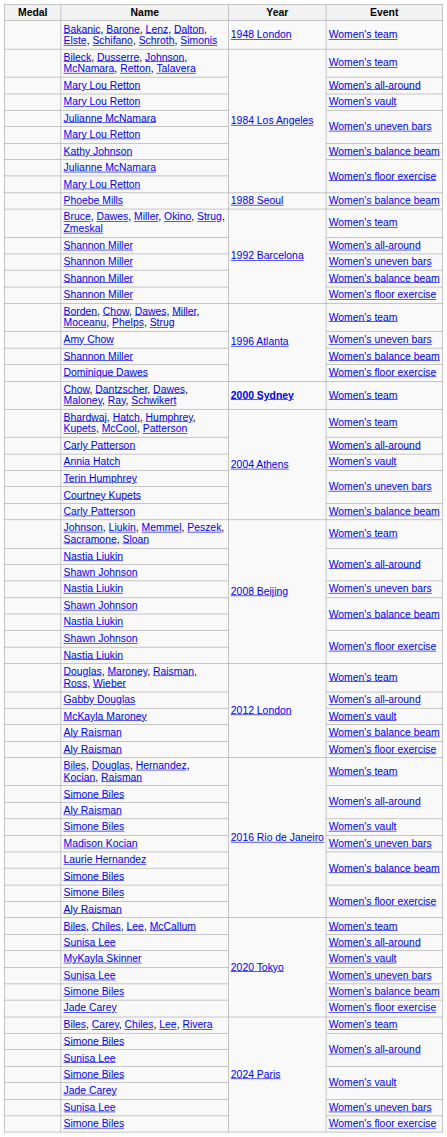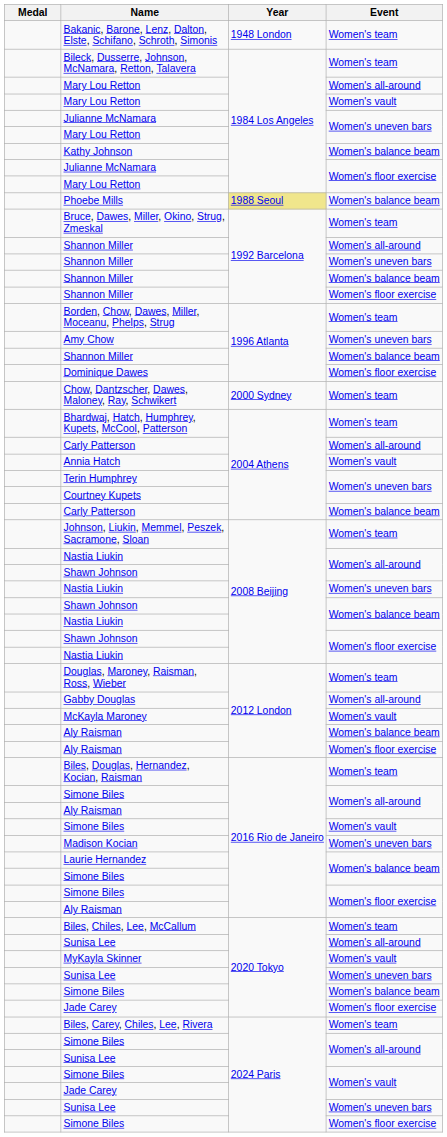 <table class="wikitable sortable">
 <tr>
 <th style="width:5em;">Medal</th>
 <th width=250>Name</th>
 <th>Year</th>
 <th>Event</th>
 </tr>
 <tr>
 <td></td>
 <td><a href='#'>Bakanic</a>, <a href='#'>Barone</a>, <a href='#'>Lenz</a>, <a href='#'>Dalton</a>, <a href='#'>Elste</a>, <a href='#'>Schifano</a>, <a href='#'>Schroth</a>, <a href='#'>Simonis</a></td>
 <td> <a href='#'>1948 London</a></td>
 <td><a href='#'>Women's team</a></td>
 </tr>
 <tr>
 <td></td>
 <td><a href='#'>Bileck</a>, <a href='#'>Dusserre</a>, <a href='#'>Johnson</a>, <a href='#'>McNamara</a>, <a href='#'>Retton</a>, <a href='#'>Talavera</a></td>
 <td rowspan="8"> <a href='#'>1984 Los Angeles</a></td>
 <td><a href='#'>Women's team</a></td>
 </tr>
 <tr>
 <td></td>
 <td><a href='#'>Mary Lou Retton</a></td>
 <td><a href='#'>Women's all-around</a></td>
 </tr>
 <tr>
 <td></td>
 <td><a href='#'>Mary Lou Retton</a></td>
 <td><a href='#'>Women's vault</a></td>
 </tr>
 <tr>
 <td></td>
 <td><a href='#'>Julianne McNamara</a></td>
 <td rowspan="2"><a href='#'>Women's uneven bars</a></td>
 </tr>
 <tr>
 <td></td>
 <td><a href='#'>Mary Lou Retton</a></td>
 </tr>
 <tr>
 <td></td>
 <td><a href='#'>Kathy Johnson</a></td>
 <td><a href='#'>Women's balance beam</a></td>
 </tr>
 <tr>
 <td></td>
 <td><a href='#'>Julianne McNamara</a></td>
 <td rowspan="2"><a href='#'>Women's floor exercise</a></td>
 </tr>
 <tr>
 <td></td>
 <td><a href='#'>Mary Lou Retton</a></td>
 </tr>
 <tr>
 <td></td>
 <td><a href='#'>Phoebe Mills</a></td>
-<td> <a href='#'>1988 Seoul</a></td>
+<td style="background: khaki;"> <a href='#'>1988 Seoul</a></td>
 <td><a href='#'>Women's balance beam</a></td>
 </tr>
 <tr>
 <td></td>
 <td><a href='#'>Bruce</a>, <a href='#'>Dawes</a>, <a href='#'>Miller</a>, <a href='#'>Okino</a>, <a href='#'>Strug</a>, <a href='#'>Zmeskal</a></td>
 <td rowspan="5"> <a href='#'>1992 Barcelona</a></td>
 <td><a href='#'>Women's team</a></td>
 </tr>
 <tr>
 <td></td>
 <td><a href='#'>Shannon Miller</a></td>
 <td><a href='#'>Women's all-around</a></td>
 </tr>
 <tr>
 <td></td>
 <td><a href='#'>Shannon Miller</a></td>
 <td><a href='#'>Women's uneven bars</a></td>
 </tr>
 <tr>
 <td></td>
 <td><a href='#'>Shannon Miller</a></td>
 <td><a href='#'>Women's balance beam</a></td>
 </tr>
 <tr>
 <td></td>
 <td><a href='#'>Shannon Miller</a></td>
 <td><a href='#'>Women's floor exercise</a></td>
 </tr>
 <tr>
 <td></td>
 <td><a href='#'>Borden</a>, <a href='#'>Chow</a>, <a href='#'>Dawes</a>, <a href='#'>Miller</a>, <a href='#'>Moceanu</a>, <a href='#'>Phelps</a>, <a href='#'>Strug</a></td>
 <td rowspan="4"> <a href='#'>1996 Atlanta</a></td>
 <td><a href='#'>Women's team</a></td>
 </tr>
 <tr>
 <td></td>
 <td><a href='#'>Amy Chow</a></td>
 <td><a href='#'>Women's uneven bars</a></td>
 </tr>
 <tr>
 <td></td>
 <td><a href='#'>Shannon Miller</a></td>
 <td><a href='#'>Women's balance beam</a></td>
 </tr>
 <tr>
 <td></td>
 <td><a href='#'>Dominique Dawes</a></td>
 <td><a href='#'>Women's floor exercise</a></td>
 </tr>
 <tr>
 <td></td>
 <td><a href='#'>Chow</a>, <a href='#'>Dantzscher</a>, <a href='#'>Dawes</a>, <a href='#'>Maloney</a>, <a href='#'>Ray</a>, <a href='#'>Schwikert</a></td>
-<td><strong> <a href='#'>2000 Sydney</a></strong></td>
+<td> <a href='#'>2000 Sydney</a></td>
 <td><a href='#'>Women's team</a></td>
 </tr>
 <tr>
 <td></td>
 <td><a href='#'>Bhardwaj</a>, <a href='#'>Hatch</a>, <a href='#'>Humphrey</a>, <a href='#'>Kupets</a>, <a href='#'>McCool</a>, <a href='#'>Patterson</a></td>
 <td rowspan="6"> <a href='#'>2004 Athens</a></td>
 <td><a href='#'>Women's team</a></td>
 </tr>
 <tr>
 <td></td>
 <td><a href='#'>Carly Patterson</a></td>
 <td><a href='#'>Women's all-around</a></td>
 </tr>
 <tr>
 <td></td>
 <td><a href='#'>Annia Hatch</a></td>
 <td><a href='#'>Women's vault</a></td>
 </tr>
 <tr>
 <td></td>
 <td><a href='#'>Terin Humphrey</a></td>
 <td rowspan="2"><a href='#'>Women's uneven bars</a></td>
 </tr>
 <tr>
 <td></td>
 <td><a href='#'>Courtney Kupets</a></td>
 </tr>
 <tr>
 <td></td>
 <td><a href='#'>Carly Patterson</a></td>
 <td><a href='#'>Women's balance beam</a></td>
 </tr>
 <tr>
 <td></td>
 <td><a href='#'>Johnson</a>, <a href='#'>Liukin</a>, <a href='#'>Memmel</a>, <a href='#'>Peszek</a>, <a href='#'>Sacramone</a>, <a href='#'>Sloan</a></td>
 <td rowspan="8"> <a href='#'>2008 Beijing</a></td>
 <td><a href='#'>Women's team</a></td>
 </tr>
 <tr>
 <td></td>
 <td><a href='#'>Nastia Liukin</a></td>
 <td rowspan="2"><a href='#'>Women's all-around</a></td>
 </tr>
 <tr>
 <td></td>
 <td><a href='#'>Shawn Johnson</a></td>
 </tr>
 <tr>
 <td></td>
 <td><a href='#'>Nastia Liukin</a></td>
 <td><a href='#'>Women's uneven bars</a></td>
 </tr>
 <tr>
 <td></td>
 <td><a href='#'>Shawn Johnson</a></td>
 <td rowspan="2"><a href='#'>Women's balance beam</a></td>
 </tr>
 <tr>
 <td></td>
 <td><a href='#'>Nastia Liukin</a></td>
 </tr>
 <tr>
 <td></td>
 <td><a href='#'>Shawn Johnson</a></td>
 <td rowspan="2"><a href='#'>Women's floor exercise</a></td>
 </tr>
 <tr>
 <td></td>
 <td><a href='#'>Nastia Liukin</a></td>
 </tr>
 <tr>
 <td></td>
 <td><a href='#'>Douglas</a>, <a href='#'>Maroney</a>, <a href='#'>Raisman</a>, <a href='#'>Ross</a>, <a href='#'>Wieber</a></td>
 <td rowspan="5"> <a href='#'>2012 London</a></td>
 <td><a href='#'>Women's team</a></td>
 </tr>
 <tr>
 <td></td>
 <td><a href='#'>Gabby Douglas</a></td>
 <td><a href='#'>Women's all-around</a></td>
 </tr>
 <tr>
 <td></td>
 <td><a href='#'>McKayla Maroney</a></td>
 <td><a href='#'>Women's vault</a></td>
 </tr>
 <tr>
 <td></td>
 <td><a href='#'>Aly Raisman</a></td>
 <td><a href='#'>Women's balance beam</a></td>
 </tr>
 <tr>
 <td></td>
 <td><a href='#'>Aly Raisman</a></td>
 <td><a href='#'>Women's floor exercise</a></td>
 </tr>
 <tr>
 <td></td>
 <td><a href='#'>Biles</a>, <a href='#'>Douglas</a>, <a href='#'>Hernandez</a>, <a href='#'>Kocian</a>, <a href='#'>Raisman</a></td>
 <td rowspan="9"> <a href='#'>2016 Rio de Janeiro</a></td>
 <td><a href='#'>Women's team</a></td>
 </tr>
 <tr>
 <td></td>
 <td><a href='#'>Simone Biles</a></td>
 <td rowspan="2"><a href='#'>Women's all-around</a></td>
 </tr>
 <tr>
 <td></td>
 <td><a href='#'>Aly Raisman</a></td>
 </tr>
 <tr>
 <td></td>
 <td><a href='#'>Simone Biles</a></td>
 <td><a href='#'>Women's vault</a></td>
 </tr>
 <tr>
 <td></td>
 <td><a href='#'>Madison Kocian</a></td>
 <td><a href='#'>Women's uneven bars</a></td>
 </tr>
 <tr>
 <td></td>
 <td><a href='#'>Laurie Hernandez</a></td>
 <td rowspan="2"><a href='#'>Women's balance beam</a></td>
 </tr>
 <tr>
 <td></td>
 <td><a href='#'>Simone Biles</a></td>
 </tr>
 <tr>
 <td></td>
 <td><a href='#'>Simone Biles</a></td>
 <td rowspan="2"><a href='#'>Women's floor exercise</a></td>
 </tr>
 <tr>
 <td></td>
 <td><a href='#'>Aly Raisman</a></td>
 </tr>
 <tr>
 <td></td>
 <td><a href='#'>Biles</a>, <a href='#'>Chiles</a>, <a href='#'>Lee</a>, <a href='#'>McCallum</a></td>
 <td rowspan="6"> <a href='#'>2020 Tokyo</a></td>
 <td><a href='#'>Women's team</a></td>
 </tr>
 <tr>
 <td></td>
 <td><a href='#'>Sunisa Lee</a></td>
 <td><a href='#'>Women's all-around</a></td>
 </tr>
 <tr>
 <td></td>
 <td><a href='#'>MyKayla Skinner</a></td>
 <td><a href='#'>Women's vault</a></td>
 </tr>
 <tr>
 <td></td>
 <td><a href='#'>Sunisa Lee</a></td>
 <td><a href='#'>Women's uneven bars</a></td>
 </tr>
 <tr>
 <td></td>
 <td><a href='#'>Simone Biles</a></td>
 <td><a href='#'>Women's balance beam</a></td>
 </tr>
 <tr>
 <td></td>
 <td><a href='#'>Jade Carey</a></td>
 <td><a href='#'>Women's floor exercise</a></td>
 </tr>
 <tr>
 <td></td>
 <td><a href='#'>Biles</a>, <a href='#'>Carey</a>, <a href='#'>Chiles</a>, <a href='#'>Lee</a>, <a href='#'>Rivera</a></td>
 <td rowspan="8"> <a href='#'>2024 Paris</a></td>
 <td><a href='#'>Women's team</a></td>
 </tr>
 <tr>
 <td></td>
 <td><a href='#'>Simone Biles</a></td>
 <td rowspan="2"><a href='#'>Women's all-around</a></td>
 </tr>
 <tr>
 <td></td>
 <td><a href='#'>Sunisa Lee</a></td>
 </tr>
 <tr>
 <td></td>
 <td><a href='#'>Simone Biles</a></td>
 <td rowspan="2"><a href='#'>Women's vault</a></td>
 </tr>
 <tr>
 <td></td>
 <td><a href='#'>Jade Carey</a></td>
 </tr>
 <tr>
 <td></td>
 <td><a href='#'>Sunisa Lee</a></td>
 <td><a href='#'>Women's uneven bars</a></td>
 </tr>
 <tr>
 <td></td>
 <td><a href='#'>Simone Biles</a></td>
 <td><a href='#'>Women's floor exercise</a></td>
 </tr>
 </table>
